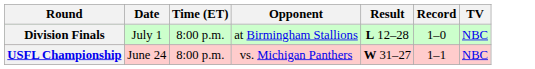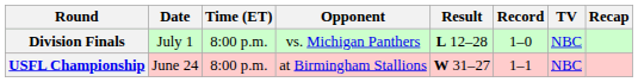 <table class="wikitable" style="text-align:center">
 <tr>
 <th>Round</th>
 <th>Date</th>
 <th>Time (ET)</th>
 <th>Opponent</th>
 <th>Result</th>
 <th>Record</th>
 <th>TV</th>
+<th>Recap</th>
 </tr>
 <tr style="background:#ccffcc">
 <th>Division Finals</th>
 <td>July 1</td>
 <td>8:00 p.m.</td>
-<td>at <a href='#'>Birmingham Stallions</a></td>
+<td>vs. <a href='#'>Michigan Panthers</a></td>
 <td><strong>L</strong> 12–28</td>
 <td>1–0</td>
 <td><a href='#'>NBC</a></td>
+<td></td>
 </tr>
 <tr style="background:#ffcccc">
 <th><a href='#'>USFL Championship</a></th>
 <td>June 24</td>
 <td>8:00 p.m.</td>
-<td>vs. <a href='#'>Michigan Panthers</a></td>
+<td>at <a href='#'>Birmingham Stallions</a></td>
 <td><strong>W</strong> 31–27 <strong></strong></td>
 <td>1–1</td>
 <td><a href='#'>NBC</a></td>
+<td></td>
 </tr>
 </table>
